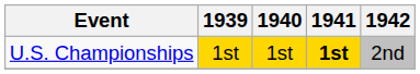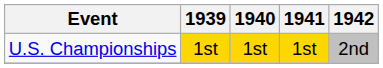 <table class="wikitable">
 <tr>
 <th>Event</th>
 <th>1939</th>
 <th>1940</th>
 <th>1941</th>
 <th>1942</th>
 </tr>
 <tr>
 <td><a href='#'>U.S. Championships</a></td>
 <td align="center" bgcolor="gold">1st</td>
 <td align="center" bgcolor="gold">1st</td>
-<td align="center" bgcolor="gold"><strong>1st</strong></td>
+<td align="center" bgcolor="gold">1st</td>
 <td align="center" bgcolor="silver">2nd</td>
 </tr>
 <tr>
 </tr>
 </table>
